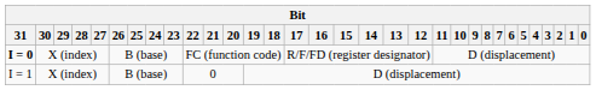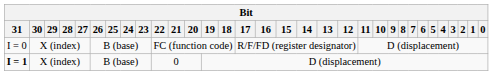 <table class="wikitable" style="text-align:center;">
 <tr>
 <th colspan=32>Bit</th>
 </tr>
 <tr>
 <th>31</th>
 <th>30</th>
 <th>29</th>
 <th>28</th>
 <th>27</th>
 <th>26</th>
 <th>25</th>
 <th>24</th>
 <th>23</th>
 <th>22</th>
 <th>21</th>
 <th>20</th>
 <th>19</th>
 <th>18</th>
 <th>17</th>
 <th>16</th>
 <th>15</th>
 <th>14</th>
 <th>13</th>
 <th>12</th>
 <th>11</th>
 <th>10</th>
 <th>9</th>
 <th>8</th>
 <th>7</th>
 <th>6</th>
 <th>5</th>
 <th>4</th>
 <th>3</th>
 <th>2</th>
 <th>1</th>
 <th>0</th>
 </tr>
 <tr>
-<td><strong>I = 0</strong></td>
+<td>I = 0</td>
 <td colspan=4>X (index)</td>
 <td colspan=4>B (base)</td>
 <td colspan=5>FC (function code)</td>
 <td colspan=6>R/F/FD (register designator)</td>
 <td colspan=12>D (displacement)</td>
 </tr>
 <tr>
-<td>I = 1</td>
+<td><strong>I = 1</strong></td>
 <td colspan=4>X (index)</td>
 <td colspan=4>B (base)</td>
 <td colspan=3>0</td>
 <td colspan=20>D (displacement)</td>
 </tr>
 </table>
